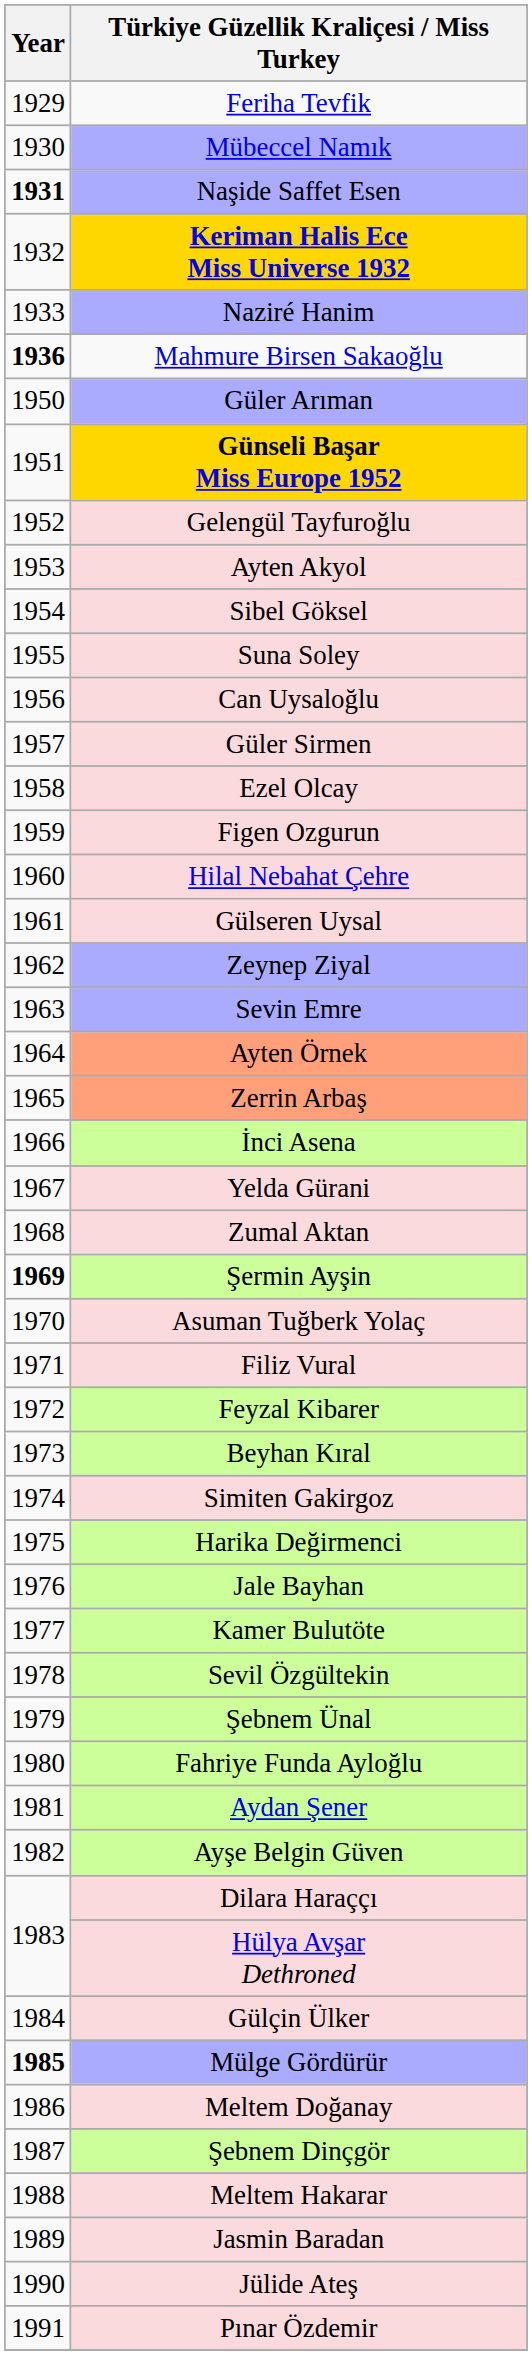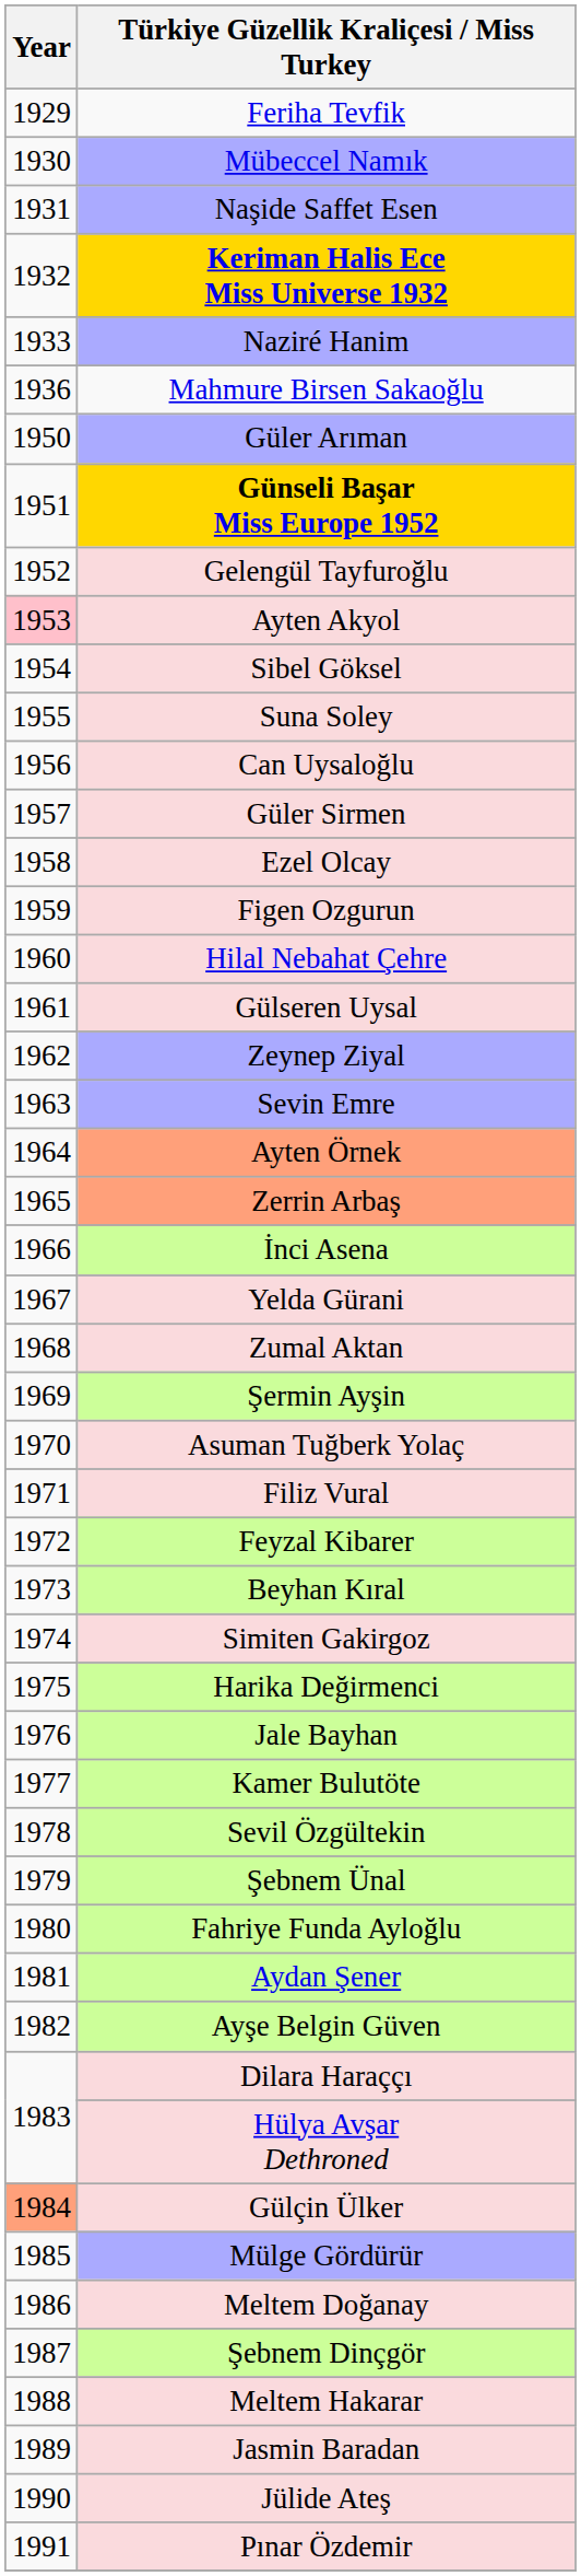 <table class="wikitable sortable" style="font-size:95%; text-align:center;">
 <tr>
 <th !width="60">Year</th>
 <th width="250">Türkiye Güzellik Kraliçesi / Miss Turkey</th>
 </tr>
 <tr>
 <td>1929</td>
 <td><a href='#'>Feriha Tevfik</a></td>
 </tr>
 <tr>
 <td>1930</td>
 <td style="background:#AAAAFF;"><a href='#'>Mübeccel Namık</a></td>
 </tr>
 <tr>
-<td><strong>1931</strong></td>
+<td>1931</td>
 <td style="background:#AAAAFF;">Naşide Saffet Esen</td>
 </tr>
 <tr>
 <td>1932</td>
 <td style="background:GOLD;"><strong><a href='#'>Keriman Halis Ece</a><br><a href='#'>Miss Universe 1932</a></strong></td>
 </tr>
 <tr>
 <td>1933</td>
 <td style="background:#AAAAFF;">Naziré Hanim</td>
 </tr>
 <tr>
-<td><strong>1936</strong></td>
+<td>1936</td>
 <td><a href='#'>Mahmure Birsen Sakaoğlu</a></td>
 </tr>
 <tr>
 <td>1950</td>
 <td style="background:#AAAAFF;">Güler Arıman</td>
 </tr>
 <tr>
 <td>1951</td>
 <td style="background:GOLD;"><strong>Günseli Başar<br><a href='#'>Miss Europe 1952</a></strong></td>
 </tr>
 <tr>
 <td>1952</td>
 <td style="background:#fadadd;">Gelengül Tayfuroğlu</td>
 </tr>
 <tr>
-<td>1953</td>
+<td style="background: pink;">1953</td>
 <td style="background:#fadadd;">Ayten Akyol</td>
 </tr>
 <tr>
 <td>1954</td>
 <td style="background:#fadadd;">Sibel Göksel</td>
 </tr>
 <tr>
 <td>1955</td>
 <td style="background:#fadadd;">Suna Soley</td>
 </tr>
 <tr>
 <td>1956</td>
 <td style="background:#fadadd;">Can Uysaloğlu</td>
 </tr>
 <tr>
 <td>1957</td>
 <td style="background:#fadadd;">Güler Sirmen</td>
 </tr>
 <tr>
 <td>1958</td>
 <td style="background:#fadadd;">Ezel Olcay</td>
 </tr>
 <tr>
 <td>1959</td>
 <td style="background:#fadadd;">Figen Ozgurun</td>
 </tr>
 <tr>
 <td>1960</td>
 <td style="background:#fadadd;"><a href='#'>Hilal Nebahat Çehre</a></td>
 </tr>
 <tr>
 <td>1961</td>
 <td style="background:#fadadd;">Gülseren Uysal</td>
 </tr>
 <tr>
 <td>1962</td>
 <td style="background:#AAAAFF;">Zeynep Ziyal</td>
 </tr>
 <tr>
 <td>1963</td>
 <td style="background:#AAAAFF;">Sevin Emre</td>
 </tr>
 <tr>
 <td>1964</td>
 <td style="background:#FFA07A;">Ayten Örnek</td>
 </tr>
 <tr>
 <td>1965</td>
 <td style="background:#FFA07A;">Zerrin Arbaş</td>
 </tr>
 <tr>
 <td>1966</td>
 <td style="background:#ccff99;">İnci Asena</td>
 </tr>
 <tr>
 <td>1967</td>
 <td style="background:#fadadd;">Yelda Gürani</td>
 </tr>
 <tr>
 <td>1968</td>
 <td style="background:#fadadd;">Zumal Aktan</td>
 </tr>
 <tr>
-<td><strong>1969</strong></td>
+<td>1969</td>
 <td style="background:#ccff99;">Şermin Ayşin</td>
 </tr>
 <tr>
 <td>1970</td>
 <td style="background:#fadadd;">Asuman Tuğberk Yolaç</td>
 </tr>
 <tr>
 <td>1971</td>
 <td style="background:#fadadd;">Filiz Vural</td>
 </tr>
 <tr>
 <td>1972</td>
 <td style="background:#ccff99;">Feyzal Kibarer</td>
 </tr>
 <tr>
 <td>1973</td>
 <td style="background:#ccff99;">Beyhan Kıral</td>
 </tr>
 <tr>
 <td>1974</td>
 <td style="background:#fadadd;">Simiten Gakirgoz</td>
 </tr>
 <tr>
 <td>1975</td>
 <td style="background:#ccff99;">Harika Değirmenci</td>
 </tr>
 <tr>
 <td>1976</td>
 <td style="background:#ccff99;">Jale Bayhan</td>
 </tr>
 <tr>
 <td>1977</td>
 <td style="background:#ccff99;">Kamer Bulutöte</td>
 </tr>
 <tr>
 <td>1978</td>
 <td style="background:#ccff99;">Sevil Özgültekin</td>
 </tr>
 <tr>
 <td>1979</td>
 <td style="background:#ccff99;">Şebnem Ünal</td>
 </tr>
 <tr>
 <td>1980</td>
 <td style="background:#ccff99;">Fahriye Funda Ayloğlu</td>
 </tr>
 <tr>
 <td>1981</td>
 <td style="background:#ccff99;"><a href='#'>Aydan Şener</a></td>
 </tr>
 <tr>
 <td>1982</td>
 <td style="background:#ccff99;">Ayşe Belgin Güven</td>
 </tr>
 <tr>
 <td rowspan=2>1983</td>
 <td style="background:#fadadd;">Dilara Haraççı</td>
 </tr>
 <tr>
 <td style="background:#fadadd;"><a href='#'>Hülya Avşar</a><br><em>Dethroned</em></td>
 </tr>
 <tr>
-<td>1984</td>
+<td style="background: lightsalmon;">1984</td>
 <td style="background:#fadadd;">Gülçin Ülker</td>
 </tr>
 <tr>
-<td><strong>1985</strong></td>
+<td>1985</td>
 <td style="background:#AAAAFF;">Mülge Gördürür</td>
 </tr>
 <tr>
 <td>1986</td>
 <td style="background:#fadadd;">Meltem Doğanay</td>
 </tr>
 <tr>
 <td>1987</td>
 <td style="background:#ccff99;">Şebnem Dinçgör</td>
 </tr>
 <tr>
 <td>1988</td>
 <td style="background:#fadadd;">Meltem Hakarar</td>
 </tr>
 <tr>
 <td>1989</td>
 <td style="background:#fadadd;">Jasmin Baradan</td>
 </tr>
 <tr>
 <td>1990</td>
 <td style="background:#fadadd;">Jülide Ateş</td>
 </tr>
 <tr>
 <td>1991</td>
 <td style="background:#fadadd;">Pınar Özdemir</td>
 </tr>
 <tr>
 </tr>
 </table>
